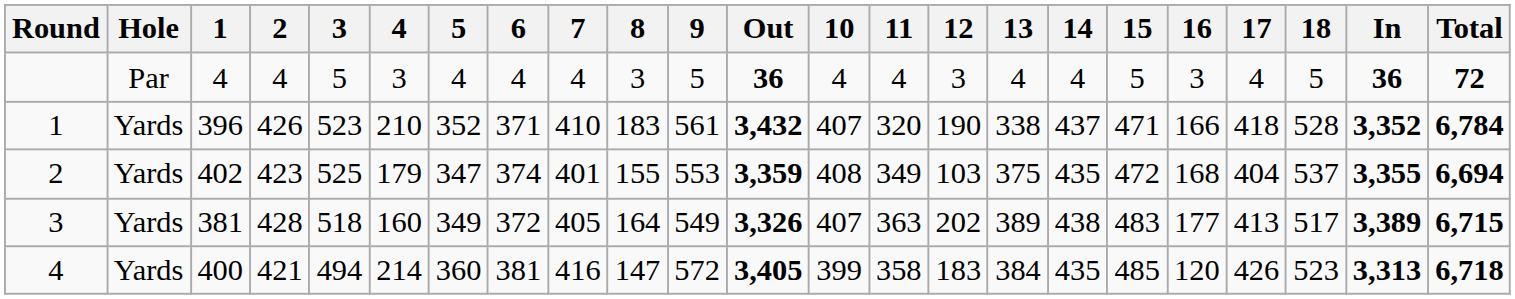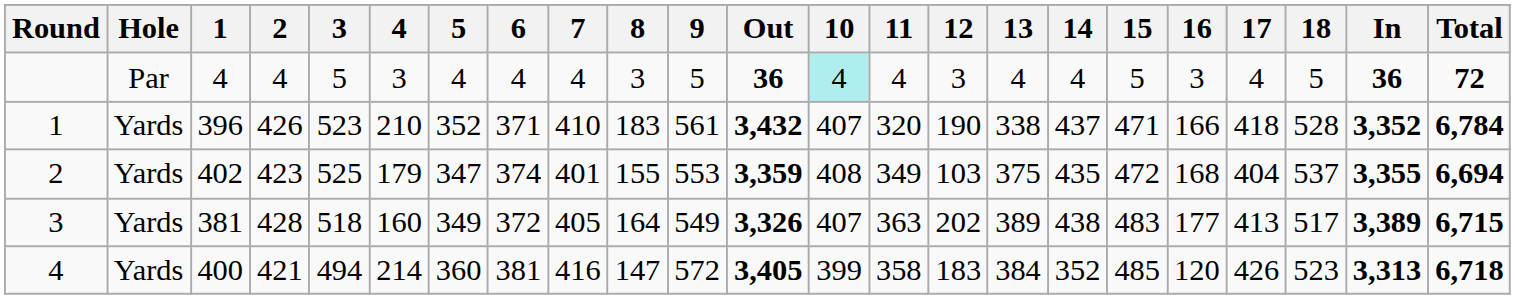 <table class="wikitable" style="text-align:center">
 <tr>
 <th>Round</th>
 <th align="left">Hole</th>
 <th>1</th>
 <th>2</th>
 <th>3</th>
 <th>4</th>
 <th>5</th>
 <th>6</th>
 <th>7</th>
 <th>8</th>
 <th>9</th>
 <th>Out</th>
 <th>10</th>
 <th>11</th>
 <th>12</th>
 <th>13</th>
 <th>14</th>
 <th>15</th>
 <th>16</th>
 <th>17</th>
 <th>18</th>
 <th>In</th>
 <th>Total</th>
 </tr>
 <tr>
 <td></td>
 <td>Par</td>
 <td>4</td>
 <td>4</td>
 <td>5</td>
 <td>3</td>
 <td>4</td>
 <td>4</td>
 <td>4</td>
 <td>3</td>
 <td>5</td>
 <td><strong>36</strong></td>
-<td>4</td>
+<td style="background: paleturquoise;">4</td>
 <td>4</td>
 <td>3</td>
 <td>4</td>
 <td>4</td>
 <td>5</td>
 <td>3</td>
 <td>4</td>
 <td>5</td>
 <td><strong>36</strong></td>
 <td><strong>72</strong></td>
 </tr>
 <tr>
 <td>1</td>
 <td align="left">Yards</td>
 <td>396</td>
 <td>426</td>
 <td>523</td>
 <td>210</td>
 <td>352</td>
 <td>371</td>
 <td>410</td>
 <td>183</td>
 <td>561</td>
 <td><strong>3,432</strong></td>
 <td>407</td>
 <td>320</td>
 <td>190</td>
 <td>338</td>
 <td>437</td>
 <td>471</td>
 <td>166</td>
 <td>418</td>
 <td>528</td>
 <td><strong>3,352</strong></td>
 <td><strong>6,784</strong></td>
 </tr>
 <tr>
 <td>2</td>
 <td align="left">Yards</td>
 <td>402</td>
 <td>423</td>
 <td>525</td>
 <td>179</td>
 <td>347</td>
 <td>374</td>
 <td>401</td>
 <td>155</td>
 <td>553</td>
 <td><strong>3,359</strong></td>
 <td>408</td>
 <td>349</td>
 <td>103</td>
 <td>375</td>
 <td>435</td>
 <td>472</td>
 <td>168</td>
 <td>404</td>
 <td>537</td>
 <td><strong>3,355</strong></td>
 <td><strong>6,694</strong></td>
 </tr>
 <tr>
 <td>3</td>
 <td align="left">Yards</td>
 <td>381</td>
 <td>428</td>
 <td>518</td>
 <td>160</td>
 <td>349</td>
 <td>372</td>
 <td>405</td>
 <td>164</td>
 <td>549</td>
 <td><strong>3,326</strong></td>
 <td>407</td>
 <td>363</td>
 <td>202</td>
 <td>389</td>
 <td>438</td>
 <td>483</td>
 <td>177</td>
 <td>413</td>
 <td>517</td>
 <td><strong>3,389</strong></td>
 <td><strong>6,715</strong></td>
 </tr>
 <tr>
 <td>4</td>
 <td align="left">Yards</td>
 <td>400</td>
 <td>421</td>
 <td>494</td>
 <td>214</td>
 <td>360</td>
 <td>381</td>
 <td>416</td>
 <td>147</td>
 <td>572</td>
 <td><strong>3,405</strong></td>
 <td>399</td>
 <td>358</td>
 <td>183</td>
 <td>384</td>
-<td>435</td>
+<td>352</td>
 <td>485</td>
 <td>120</td>
 <td>426</td>
 <td>523</td>
 <td><strong>3,313</strong></td>
 <td><strong>6,718</strong></td>
 </tr>
 </table>
